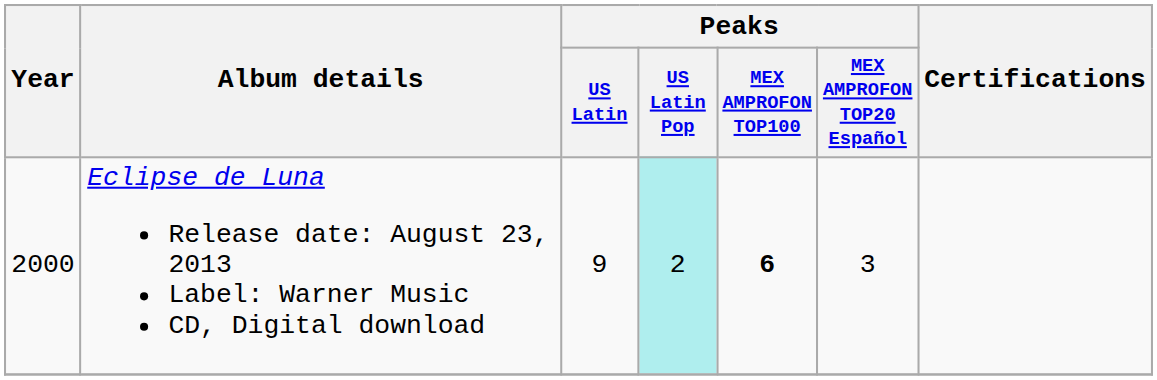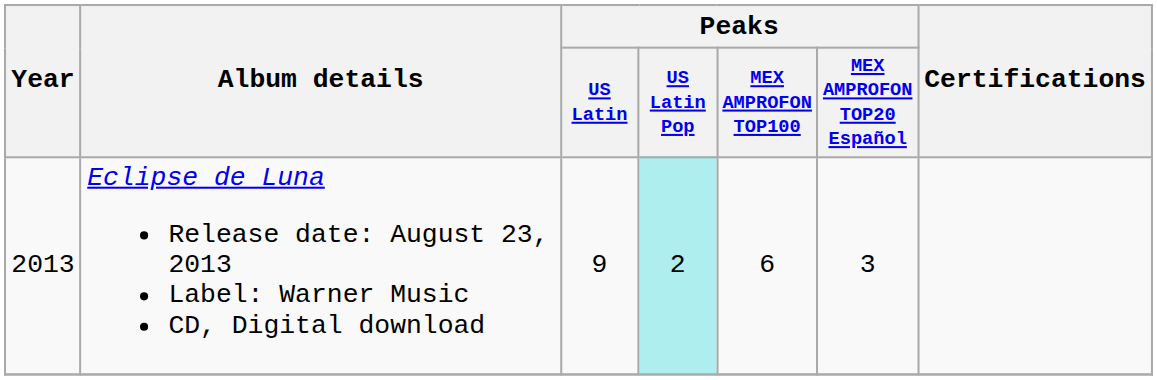 <table class="wikitable" style="text-align:center;">
 <tr>
 <th rowspan="2">Year</th>
 <th rowspan="2" width="230">Album details</th>
 <th colspan="4">Peaks</th>
 <th rowspan="2">Certifications <br></th>
 </tr>
 <tr>
 <th style="width:3em;font-size:85%"><small><a href='#'>US Latin</a></small></th>
 <th style="width:3em;font-size:85%"><small><a href='#'>US Latin Pop</a></small></th>
 <th style="width:3em;font-size:85%"><small><a href='#'>MEX AMPROFON TOP100</a></small></th>
 <th style="width:3em;font-size:85%"><small><a href='#'>MEX AMPROFON TOP20 Español</a></small></th>
 </tr>
 <tr>
-<td>2000</td>
+<td>2013</td>
 <td align="left"><em><a href='#'>Eclipse de Luna</a></em><br><ul><li>Release date: August 23, 2013</li><li>Label: Warner Music</li><li>CD, Digital download</li></ul></td>
 <td>9</td>
 <td style="background: paleturquoise;">2</td>
-<td><strong>6</strong></td>
+<td>6</td>
 <td>3</td>
 <td align="left"></td>
 </tr>
 <tr>
 </tr>
 </table>
